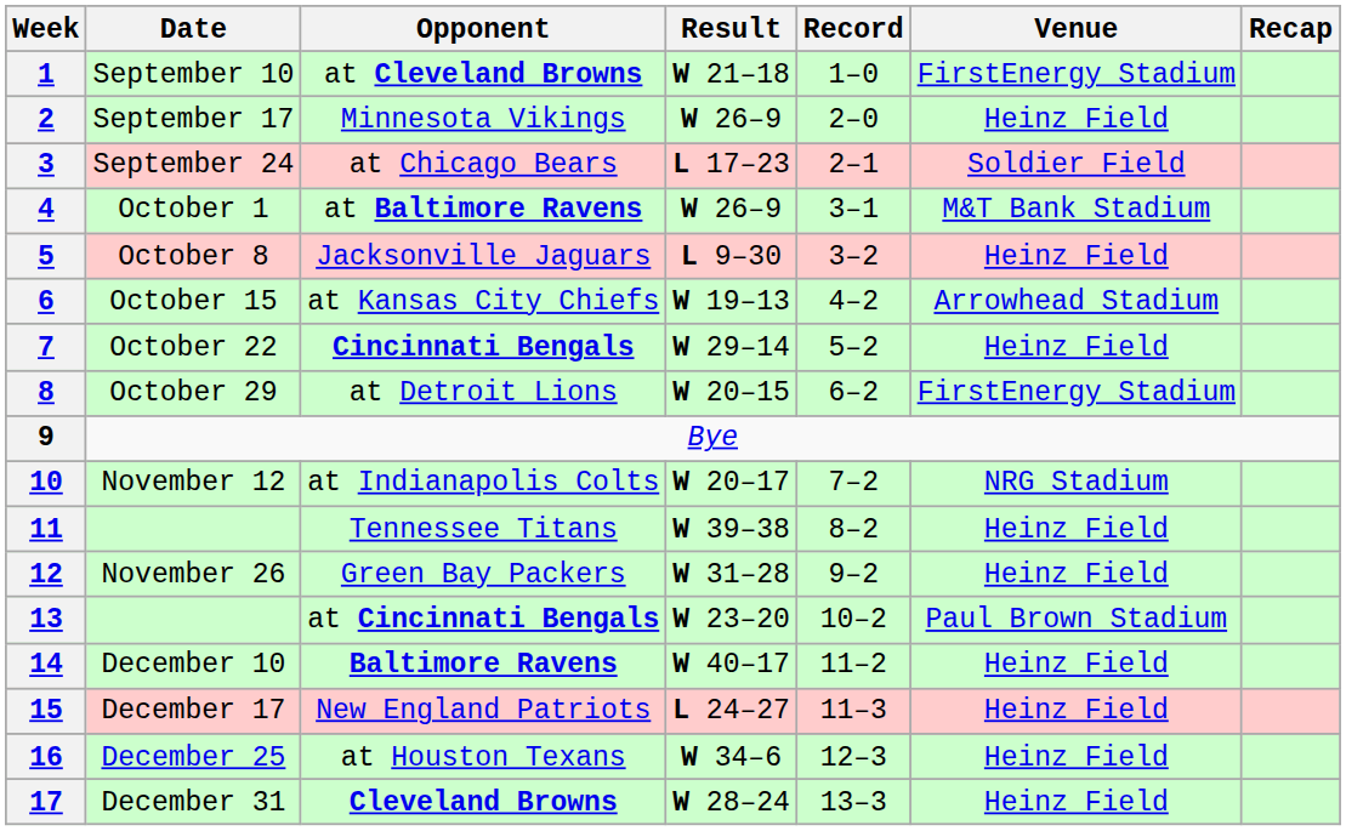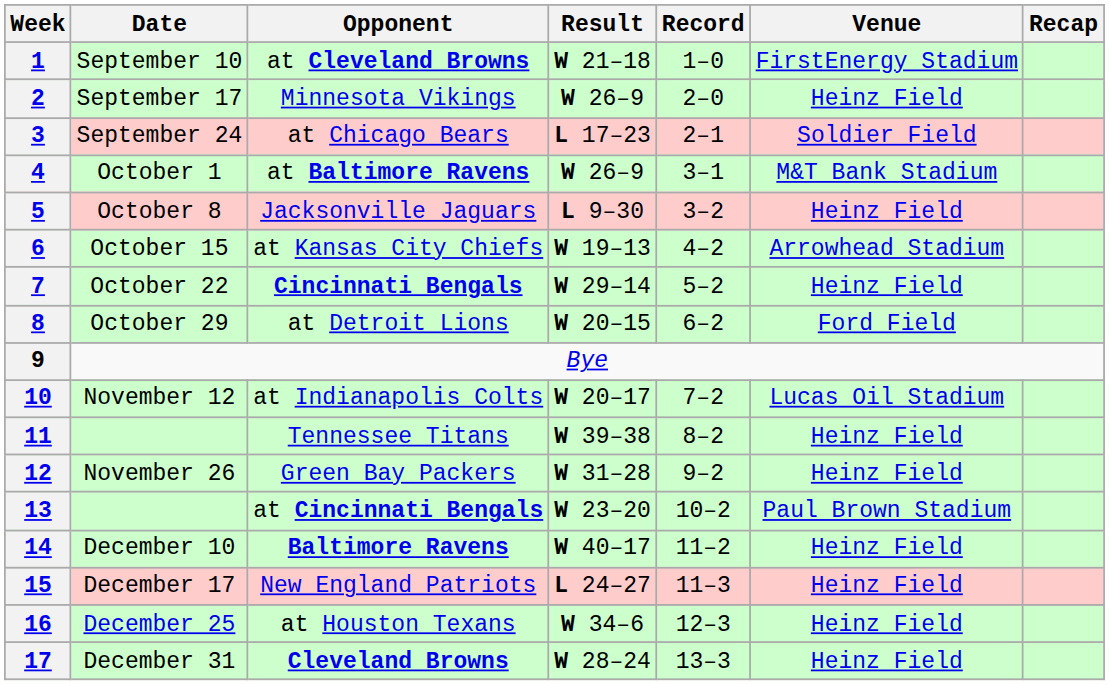 <table class="wikitable" style="text-align:center">
 <tr>
 <th>Week</th>
 <th>Date</th>
 <th>Opponent</th>
 <th>Result</th>
 <th>Record</th>
 <th>Venue</th>
 <th>Recap</th>
 </tr>
 <tr style="background:#cfc">
 <th><a href='#'>1</a></th>
 <td>September 10</td>
 <td>at <strong><a href='#'>Cleveland Browns</a></strong></td>
 <td><strong>W</strong> 21–18</td>
 <td>1–0</td>
 <td><a href='#'>FirstEnergy Stadium</a></td>
 <td></td>
 </tr>
 <tr style="background:#cfc">
 <th><a href='#'>2</a></th>
 <td>September 17</td>
 <td><a href='#'>Minnesota Vikings</a></td>
 <td><strong>W</strong> 26–9</td>
 <td>2–0</td>
 <td><a href='#'>Heinz Field</a></td>
 <td></td>
 </tr>
 <tr style="background:#fcc">
 <th><a href='#'>3</a></th>
 <td>September 24</td>
 <td>at <a href='#'>Chicago Bears</a></td>
 <td><strong>L</strong> 17–23 </td>
 <td>2–1</td>
 <td><a href='#'>Soldier Field</a></td>
 <td></td>
 </tr>
 <tr style="background:#cfc">
 <th><a href='#'>4</a></th>
 <td>October 1</td>
 <td>at <strong><a href='#'>Baltimore Ravens</a></strong></td>
 <td><strong>W</strong> 26–9</td>
 <td>3–1</td>
 <td><a href='#'>M&T Bank Stadium</a></td>
 <td></td>
 </tr>
 <tr style="background:#fcc">
 <th><a href='#'>5</a></th>
 <td>October 8</td>
 <td><a href='#'>Jacksonville Jaguars</a></td>
 <td><strong>L</strong> 9–30</td>
 <td>3–2</td>
 <td><a href='#'>Heinz Field</a></td>
 <td></td>
 </tr>
 <tr style="background:#cfc">
 <th><a href='#'>6</a></th>
 <td>October 15</td>
 <td>at <a href='#'>Kansas City Chiefs</a></td>
 <td><strong>W</strong> 19–13</td>
 <td>4–2</td>
 <td><a href='#'>Arrowhead Stadium</a></td>
 <td></td>
 </tr>
 <tr style="background:#cfc">
 <th><a href='#'>7</a></th>
 <td>October 22</td>
 <td><strong><a href='#'>Cincinnati Bengals</a></strong></td>
 <td><strong>W</strong> 29–14</td>
 <td>5–2</td>
 <td><a href='#'>Heinz Field</a></td>
 <td></td>
 </tr>
 <tr style="background:#cfc">
 <th><a href='#'>8</a></th>
 <td>October 29</td>
 <td>at <a href='#'>Detroit Lions</a></td>
 <td><strong>W</strong> 20–15</td>
 <td>6–2</td>
-<td><a href='#'>FirstEnergy Stadium</a></td>
+<td><a href='#'>Ford Field</a></td>
 <td></td>
 </tr>
 <tr>
 <th>9</th>
 <td colspan="6"><em><a href='#'>Bye</a></em></td>
 </tr>
 <tr style="background:#cfc">
 <th><a href='#'>10</a></th>
 <td>November 12</td>
 <td>at <a href='#'>Indianapolis Colts</a></td>
 <td><strong>W</strong> 20–17</td>
 <td>7–2</td>
-<td><a href='#'>NRG Stadium</a></td>
+<td><a href='#'>Lucas Oil Stadium</a></td>
 <td></td>
 </tr>
 <tr style="background:#cfc">
 <th><a href='#'>11</a></th>
 <td></td>
 <td><a href='#'>Tennessee Titans</a></td>
 <td><strong>W</strong> 39–38</td>
 <td>8–2</td>
 <td><a href='#'>Heinz Field</a></td>
 <td></td>
 </tr>
 <tr style="background:#cfc">
 <th><a href='#'>12</a></th>
 <td>November 26</td>
 <td><a href='#'>Green Bay Packers</a></td>
 <td><strong>W</strong> 31–28</td>
 <td>9–2</td>
 <td><a href='#'>Heinz Field</a></td>
 <td></td>
 </tr>
 <tr style="background:#cfc">
 <th><a href='#'>13</a></th>
 <td></td>
 <td>at <strong><a href='#'>Cincinnati Bengals</a></strong></td>
 <td><strong>W</strong> 23–20</td>
 <td>10–2</td>
 <td><a href='#'>Paul Brown Stadium</a></td>
 <td></td>
 </tr>
 <tr style="background:#cfc">
 <th><a href='#'>14</a></th>
 <td>December 10</td>
 <td><strong><a href='#'>Baltimore Ravens</a></strong></td>
 <td><strong>W</strong> 40–17</td>
 <td>11–2</td>
 <td><a href='#'>Heinz Field</a></td>
 <td></td>
 </tr>
 <tr style="background:#fcc">
 <th><a href='#'>15</a></th>
 <td>December 17</td>
 <td><a href='#'>New England Patriots</a></td>
 <td><strong>L</strong> 24–27</td>
 <td>11–3</td>
 <td><a href='#'>Heinz Field</a></td>
 <td></td>
 </tr>
 <tr style="background:#cfc">
 <th><a href='#'>16</a></th>
 <td><a href='#'>December 25</a></td>
 <td>at <a href='#'>Houston Texans</a></td>
 <td><strong>W</strong> 34–6</td>
 <td>12–3</td>
 <td><a href='#'>Heinz Field</a></td>
 <td></td>
 </tr>
 <tr style="background:#cfc">
 <th><a href='#'>17</a></th>
 <td>December 31</td>
 <td><strong><a href='#'>Cleveland Browns</a></strong></td>
 <td><strong>W</strong> 28–24</td>
 <td>13–3</td>
 <td><a href='#'>Heinz Field</a></td>
 <td></td>
 </tr>
 </table>
